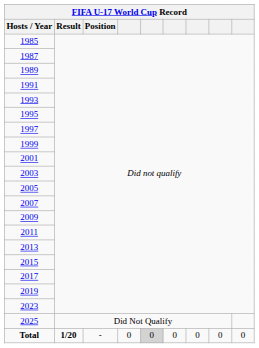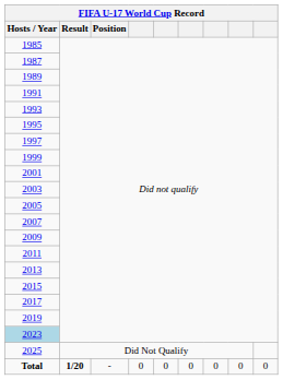 <table class="wikitable" style="text-align: center;font-size:90%;">
 <tr>
 <th colspan=9><a href='#'>FIFA U-17 World Cup</a> Record</th>
 </tr>
 <tr>
 <th>Hosts / Year</th>
 <th>Result</th>
 <th>Position</th>
 <th width=30></th>
 <th width=30></th>
 <th width=30></th>
 <th width=30></th>
 <th width=30></th>
 <th width=30></th>
 </tr>
 <tr>
 <td> <a href='#'>1985</a></td>
 <td colspan=8 rowspan=19><em>Did not qualify</em></td>
 </tr>
 <tr>
 <td> <a href='#'>1987</a></td>
 </tr>
 <tr>
 <td> <a href='#'>1989</a></td>
 </tr>
 <tr>
 <td> <a href='#'>1991</a></td>
 </tr>
 <tr>
 <td> <a href='#'>1993</a></td>
 </tr>
 <tr>
 <td> <a href='#'>1995</a></td>
 </tr>
 <tr>
 <td> <a href='#'>1997</a></td>
 </tr>
 <tr>
 <td> <a href='#'>1999</a></td>
 </tr>
 <tr>
 <td> <a href='#'>2001</a></td>
 </tr>
 <tr>
 <td> <a href='#'>2003</a></td>
 </tr>
 <tr>
 <td> <a href='#'>2005</a></td>
 </tr>
 <tr>
 <td> <a href='#'>2007</a></td>
 </tr>
 <tr>
 <td> <a href='#'>2009</a></td>
 </tr>
 <tr>
 <td> <a href='#'>2011</a></td>
 </tr>
 <tr>
 <td> <a href='#'>2013</a></td>
 </tr>
 <tr>
 <td> <a href='#'>2015</a></td>
 </tr>
 <tr>
 <td> <a href='#'>2017</a></td>
 </tr>
 <tr>
 <td> <a href='#'>2019</a></td>
 </tr>
 <tr>
-<td> <a href='#'>2023</a></td>
+<td style="background: lightblue;"> <a href='#'>2023</a></td>
 </tr>
 <tr>
 <td> <a href='#'>2025</a></td>
 <td colspan=7>Did Not Qualify</td>
 </tr>
 <tr>
 <td><strong>Total</strong></td>
 <td><strong>1/20</strong></td>
 <td>-</td>
 <td>0</td>
-<td style="background: lightgrey;">0</td>
+<td>0</td>
 <td>0</td>
 <td>0</td>
 <td>0</td>
 <td>0</td>
 </tr>
 </table>
